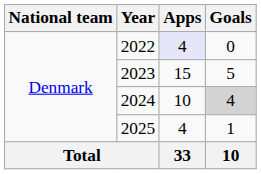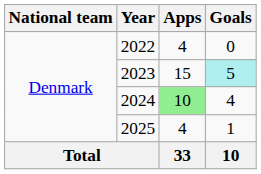 <table class="wikitable" style="text-align:center">
 <tr>
 <th>National team</th>
 <th>Year</th>
 <th>Apps</th>
 <th>Goals</th>
 </tr>
 <tr>
 <td rowspan="4"><a href='#'>Denmark</a></td>
 <td>2022</td>
-<td style="background: lavender;">4</td>
+<td>4</td>
 <td>0</td>
 </tr>
 <tr>
 <td>2023</td>
 <td>15</td>
-<td>5</td>
+<td style="background: paleturquoise;">5</td>
 </tr>
 <tr>
 <td>2024</td>
-<td>10</td>
-<td style="background: lightgrey;">4</td>
+<td style="background: lightgreen;">10</td>
+<td>4</td>
 </tr>
 <tr>
 <td>2025</td>
 <td>4</td>
 <td>1</td>
 </tr>
 <tr>
 <th colspan="2">Total</th>
 <th>33</th>
 <th>10</th>
 </tr>
 </table>
